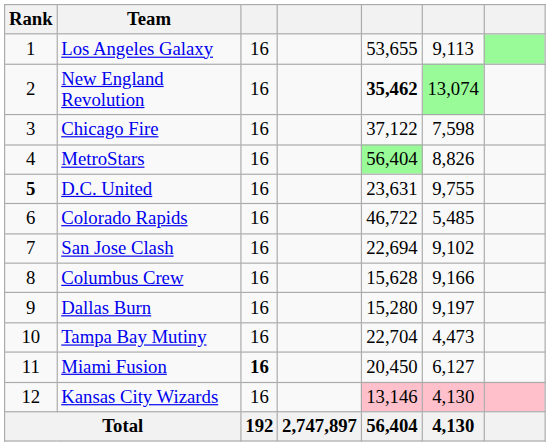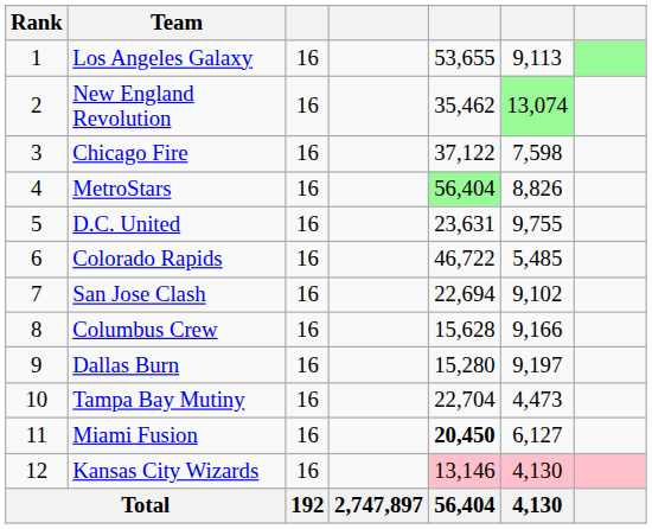 <table class="wikitable sortable" style=text-align:center>
 <tr>
 <th width=25>Rank</th>
 <th width=150>Team</th>
 <th></th>
 <th width=45></th>
 <th width=45></th>
 <th width=45></th>
 <th width=45></th>
 </tr>
 <tr>
 <td>1</td>
 <td align=left><a href='#'>Los Angeles Galaxy</a></td>
 <td>16</td>
 <td></td>
 <td>53,655</td>
 <td>9,113</td>
 <td bgcolor="#98fb98"></td>
 </tr>
 <tr>
 <td>2</td>
 <td align=left><a href='#'>New England Revolution</a></td>
 <td>16</td>
 <td></td>
-<td><strong>35,462</strong></td>
+<td>35,462</td>
 <td bgcolor="#98fb98">13,074</td>
 <td></td>
 </tr>
 <tr>
 <td>3</td>
 <td align=left><a href='#'>Chicago Fire</a></td>
 <td>16</td>
 <td></td>
 <td>37,122</td>
 <td>7,598</td>
 <td></td>
 </tr>
 <tr>
 <td>4</td>
 <td align=left><a href='#'>MetroStars</a></td>
 <td>16</td>
 <td></td>
 <td bgcolor="#98fb98">56,404</td>
 <td>8,826</td>
 <td></td>
 </tr>
 <tr>
-<td><strong>5</strong></td>
+<td>5</td>
 <td align=left><a href='#'>D.C. United</a></td>
 <td>16</td>
 <td></td>
 <td>23,631</td>
 <td>9,755</td>
 <td></td>
 </tr>
 <tr>
 <td>6</td>
 <td align=left><a href='#'>Colorado Rapids</a></td>
 <td>16</td>
 <td></td>
 <td>46,722</td>
 <td>5,485</td>
 <td></td>
 </tr>
 <tr>
 <td>7</td>
 <td align=left><a href='#'>San Jose Clash</a></td>
 <td>16</td>
 <td></td>
 <td>22,694</td>
 <td>9,102</td>
 <td></td>
 </tr>
 <tr>
 <td>8</td>
 <td align=left><a href='#'>Columbus Crew</a></td>
 <td>16</td>
 <td></td>
 <td>15,628</td>
 <td>9,166</td>
 <td></td>
 </tr>
 <tr>
 <td>9</td>
 <td align=left><a href='#'>Dallas Burn</a></td>
 <td>16</td>
 <td></td>
 <td>15,280</td>
 <td>9,197</td>
 <td></td>
 </tr>
 <tr>
 <td>10</td>
 <td align=left><a href='#'>Tampa Bay Mutiny</a></td>
 <td>16</td>
 <td></td>
 <td>22,704</td>
 <td>4,473</td>
 <td></td>
 </tr>
 <tr>
 <td>11</td>
 <td align=left><a href='#'>Miami Fusion</a></td>
-<td><strong>16</strong></td>
+<td>16</td>
 <td></td>
-<td>20,450</td>
+<td><strong>20,450</strong></td>
 <td>6,127</td>
 <td></td>
 </tr>
 <tr>
 <td>12</td>
 <td align=left><a href='#'>Kansas City Wizards</a></td>
 <td>16</td>
 <td></td>
 <td bgcolor="#ffc)cb">13,146</td>
 <td bgcolor="#ffc)cb">4,130</td>
 <td bgcolor="#ffc)cb"></td>
 </tr>
 <tr>
 <th colspan=2>Total</th>
 <th>192</th>
 <th>2,747,897</th>
 <th>56,404</th>
 <th>4,130</th>
 <th></th>
 </tr>
 </table>
